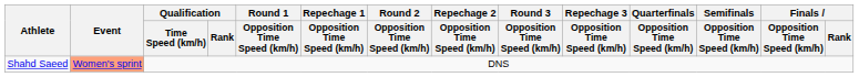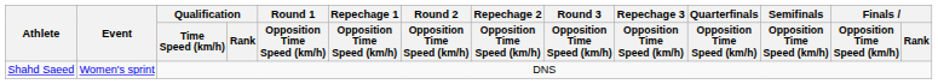 <table class="wikitable" style="font-size:90%;text-align:center">
 <tr>
 <th rowspan="2">Athlete</th>
 <th rowspan="2">Event</th>
 <th colspan="2">Qualification</th>
 <th>Round 1</th>
 <th>Repechage 1</th>
 <th>Round 2</th>
 <th>Repechage 2</th>
 <th>Round 3</th>
 <th>Repechage 3</th>
 <th>Quarterfinals</th>
 <th>Semifinals</th>
 <th colspan="2">Finals / </th>
 </tr>
 <tr style="font-size:95%">
 <th>Time<br>Speed (km/h)</th>
 <th>Rank</th>
 <th>Opposition<br>Time<br>Speed (km/h)</th>
 <th>Opposition<br>Time<br>Speed (km/h)</th>
 <th>Opposition<br>Time<br>Speed (km/h)</th>
 <th>Opposition<br>Time<br>Speed (km/h)</th>
 <th>Opposition<br>Time<br>Speed (km/h)</th>
 <th>Opposition<br>Time<br>Speed (km/h)</th>
 <th>Opposition<br>Time<br>Speed (km/h)</th>
 <th>Opposition<br>Time<br>Speed (km/h)</th>
 <th>Opposition<br>Time<br>Speed (km/h)</th>
 <th>Rank</th>
 </tr>
 <tr>
 <td align="left"><a href='#'>Shahd Saeed</a></td>
-<td align="left" style="background: lightsalmon;"><a href='#'>Women's sprint</a></td>
+<td align="left"><a href='#'>Women's sprint</a></td>
 <td colspan="12">DNS</td>
 </tr>
 </table>
